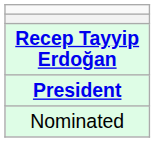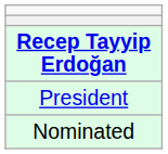 <table class="wikitable" style="margin:1em auto; font-size:90%; text-align:center;">
 <tr>
 <td></td>
 </tr>
 <tr>
 <th style="width:100px; font-size:100%; background:"></th>
 </tr>
 <tr>
 <td style="width:100px; font-size:100%; background:#DEFDE6;"><strong><a href='#'>Recep Tayyip Erdoğan</a></strong></td>
 </tr>
 <tr>
-<td style="width:100px; font-size:100%; background:#DEFDE6;"><strong><a href='#'>President</a></strong></td>
+<td style="width:100px; font-size:100%; background:#DEFDE6;"><a href='#'>President</a></td>
 </tr>
 <tr>
 <td style="width:100px; font-size:100%; background:#DEFDE6;">Nominated </td>
 </tr>
 </table>
